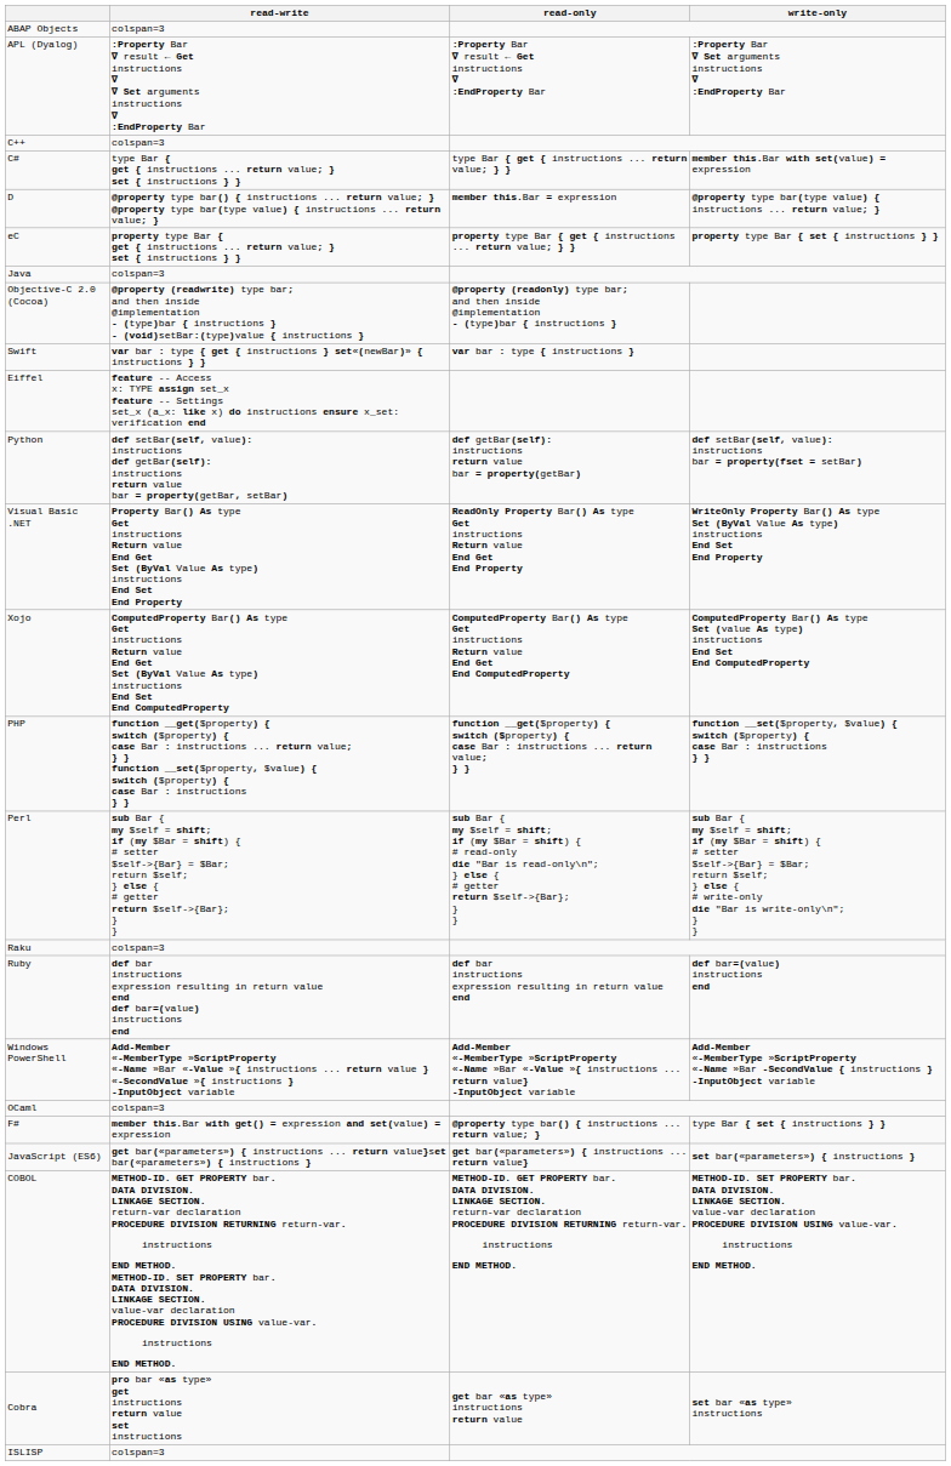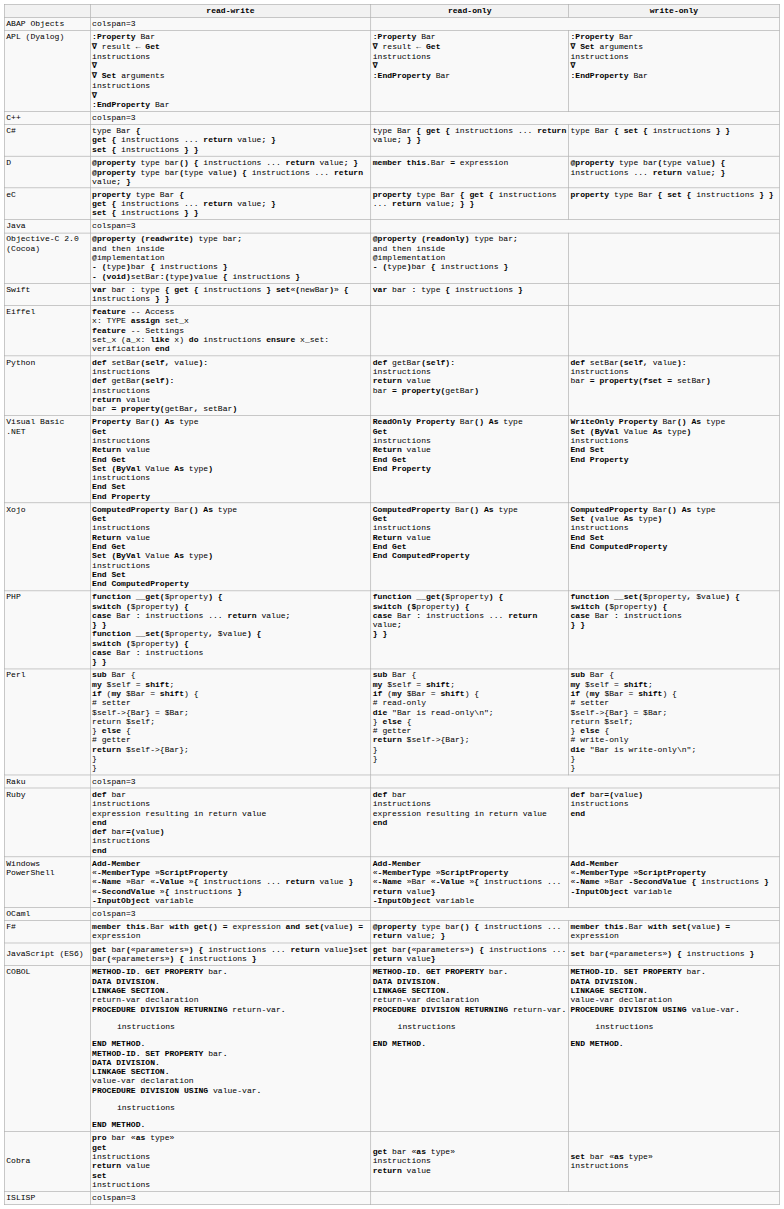 <table class="wikitable">
 <tr valign="top">
 <th></th>
 <th>read-write</th>
 <th>read-only</th>
 <th>write-only</th>
 </tr>
 <tr valign="top">
 <td>ABAP Objects</td>
 <td>colspan=3 </td>
 </tr>
 <tr valign="top">
 <td>APL (Dyalog)</td>
 <td><code><strong>:Property</strong> Bar</code><br><code><strong>∇</strong> result <strong>← Get</strong></code><br><code>instructions</code><br><code><strong>∇</strong></code><br><code><strong>∇ Set</strong> arguments</code><br><code>instructions</code><br><code><strong>∇</strong></code><br><code><strong>:EndProperty</strong> Bar</code></td>
 <td><code><strong>:Property</strong> Bar</code><br><code><strong>∇</strong> result <strong>← Get</strong></code><br><code>instructions</code><br><code><strong>∇</strong></code><br><code><strong>:EndProperty</strong> Bar</code></td>
 <td><code><strong>:Property</strong> Bar</code><br><code><strong>∇ Set</strong> arguments</code><br><code>instructions</code><br><code><strong>∇</strong></code><br><code><strong>:EndProperty</strong> Bar</code></td>
 </tr>
 <tr valign="top">
 <td>C++</td>
 <td>colspan=3 </td>
 </tr>
 <tr valign="top">
 <td>C#</td>
 <td><code>type Bar <strong>{<br>  get { </strong>instructions ... <strong>return </strong>value<strong>;</strong> <strong>}<br>  set { </strong>instructions<strong> } }</strong></code></td>
 <td><code>type Bar <strong>{ get { </strong>instructions ... <strong>return </strong>value<strong>;</strong> <strong>} }</strong></code></td>
-<td><code><strong>member this.</strong>Bar <strong>with set(</strong>value<strong>) =</strong> expression</code></td>
+<td><code>type Bar <strong>{ set { </strong>instructions<strong> } }</strong></code></td>
 </tr>
 <tr valign="top">
 <td>D</td>
 <td><code><strong>@property</strong> type bar<strong>() { </strong>instructions ... <strong>return </strong>value<strong>;</strong> <strong>} <br> @property</strong> type bar<strong>(</strong>type value<strong>) { </strong>instructions ... <strong>return </strong>value<strong>;</strong> <strong>}</strong></code></td>
 <td><code><strong>member this.</strong>Bar <strong>=</strong> expression</code></td>
 <td><code><strong>@property</strong> type bar<strong>(</strong>type value<strong>) { </strong>instructions ... <strong>return </strong>value<strong>;</strong> <strong>}</strong></code></td>
 </tr>
 <tr valign="top">
 <td>eC</td>
 <td><code><strong>property</strong> type Bar <strong>{<br>  get { </strong>instructions ... <strong>return </strong>value<strong>;</strong> <strong>}<br>  set { </strong>instructions<strong> } }</strong></code></td>
 <td><code><strong>property</strong> type Bar <strong>{ get { </strong>instructions ... <strong>return </strong>value<strong>;</strong> <strong>} }</strong></code></td>
 <td><code><strong>property</strong> type Bar <strong>{ set { </strong>instructions<strong> } }</strong></code></td>
 </tr>
 <tr valign="top">
 <td>Java</td>
 <td>colspan=3 </td>
 </tr>
 <tr valign="top">
 <td>Objective-C 2.0 (Cocoa)</td>
 <td><code><strong>@property (readwrite)</strong> type bar<strong>;</strong> <br></code> and then inside <br><code>@implementation <br> <strong>- (</strong>type<strong>)</strong>bar<strong> { </strong>instructions<strong> }</strong> <br> <strong>- (void)</strong>setBar<strong>:(</strong>type<strong>)</strong>value<strong> { </strong>instructions<strong> }</strong></code></td>
 <td><code><strong>@property (readonly)</strong> type bar<strong>;</strong> <br></code> and then inside <br><code>@implementation <br> <strong>- (</strong>type<strong>)</strong>bar<strong> { </strong>instructions<strong> }</strong></code></td>
 <td></td>
 </tr>
 <tr valign="top">
 <td>Swift</td>
 <td><code><strong>var</strong> bar <strong>:</strong> type <strong>{ get { </strong>instructions<strong> } set</strong>«<strong>(</strong>newBar<strong>)</strong>»<strong> { </strong>instructions<strong> } }</strong></code></td>
 <td><code><strong>var</strong> bar <strong>:</strong> type <strong>{ </strong>instructions<strong> }</strong></code></td>
 <td></td>
 </tr>
 <tr valign="top">
 <td>Eiffel</td>
 <td><code><strong>feature</strong> -- Access <br>x: TYPE <strong>assign</strong> set_x<br> <strong>feature</strong> -- Settings <br> set_x (a_x: <strong>like</strong> x) <strong>do</strong> instructions <strong>ensure</strong> x_set: verification <strong>end</strong></code></td>
 <td></td>
 <td></td>
 </tr>
 <tr valign="top">
 <td>Python</td>
 <td><code><strong>def</strong> setBar<strong>(self, </strong>value<strong>):</strong> <br> instructions<strong><br>def</strong> getBar<strong>(self):<br> </strong>instructions<br> <strong>return</strong> value<br>bar<strong> = property(</strong>getBar<strong>,</strong> setBar<strong>)</strong></code></td>
 <td><code><strong>def</strong> getBar<strong>(self):</strong> <br> instructions<br> <strong>return</strong> value<br>bar<strong> = property(</strong>getBar<strong>)</strong></code></td>
 <td><code><strong>def</strong> setBar<strong>(self, </strong>value<strong>): </strong><br> instructions<br>bar<strong> = property(fset = </strong>setBar<strong>)</strong></code></td>
 </tr>
 <tr valign="top">
 <td>Visual Basic .NET</td>
 <td><code><strong>Property </strong>Bar<strong>() As </strong>type<br><strong>Get<br></strong>instructions<br><strong>Return</strong> value<br><strong>End Get<br>Set (ByVal </strong>Value<strong> As </strong>type<strong>)</strong><br>instructions<strong><br>End Set<br>End Property</strong></code></td>
 <td><code><strong>ReadOnly Property </strong>Bar<strong>() As </strong>type<br><strong>Get<br></strong>instructions<br><strong>Return</strong> value<br><strong>End Get<br>End Property</strong></code></td>
 <td><code><strong>WriteOnly Property </strong>Bar<strong>() As </strong>type<br><strong>Set (ByVal </strong>Value<strong> As </strong>type<strong>)</strong><br>instructions<br><strong>End Set<br>End Property</strong></code></td>
 </tr>
 <tr valign="top">
 <td>Xojo</td>
 <td><code><strong>ComputedProperty </strong>Bar<strong>() As </strong>type<br><strong>Get<br></strong>instructions<br><strong>Return</strong> value<br><strong>End Get<br>Set (ByVal </strong>Value<strong> As </strong>type<strong>)</strong><br>instructions<strong><br>End Set<br>End ComputedProperty</strong></code></td>
 <td><code><strong>ComputedProperty </strong>Bar<strong>() As </strong>type<br><strong>Get<br></strong>instructions<br><strong>Return</strong> value<br><strong>End Get<br>End ComputedProperty</strong></code></td>
 <td><code><strong>ComputedProperty </strong>Bar<strong>() As </strong>type<br><strong>Set (</strong>value<strong> As </strong>type<strong>)</strong><br>instructions<br><strong>End Set<br>End ComputedProperty</strong></code></td>
 </tr>
 <tr valign="top">
 <td>PHP</td>
 <td><code><strong>function __get(</strong>$property<strong>) {<br> switch (</strong>$property<strong>) {<br> case </strong>Bar<strong> : </strong>instructions ... <strong>return</strong> value<strong>;<br> } }<br>function __set(</strong>$property<strong>, </strong>$value<strong>) {<br> switch (</strong>$property<strong>) {<br> case </strong>Bar<strong> : </strong>instructions<strong><br> } }</strong></code></td>
 <td><code><strong>function __get(</strong>$property<strong>) {<br> switch ($</strong>property<strong>) {<br> case </strong>Bar<strong> : </strong>instructions ... <strong>return</strong> value<strong>;<br> } }</strong></code></td>
 <td><code><strong>function __set(</strong>$property<strong>, </strong>$value<strong>) {<br> switch (</strong>$property<strong>) {<br> case </strong>Bar<strong> : </strong>instructions<strong><br> } }</strong></code></td>
 </tr>
 <tr valign="top">
 <td>Perl</td>
 <td><code><strong>sub</strong> Bar {<br>   <strong>my</strong> $self = <strong>shift</strong>;<br>   <strong>if</strong> (<strong>my</strong> $Bar = <strong>shift</strong>) {<br>        # setter<br>        $self->{Bar} = $Bar;<br>        return $self;<br>  } <strong>else</strong> {<br>        # getter<br>        <strong>return</strong> $self->{Bar};    <br>   }<br>}</code></td>
 <td><code><strong>sub</strong> Bar {<br>   <strong>my</strong> $self = <strong>shift</strong>;<br>   <strong>if</strong> (<strong>my</strong> $Bar = <strong>shift</strong>) {<br>        # read-only<br>        <strong>die</strong> "Bar is read-only\n";<br>  } <strong>else</strong> {<br>        # getter<br>        <strong>return</strong> $self->{Bar};    <br>   }<br>}</code></td>
 <td><code><strong>sub</strong> Bar {<br>   <strong>my</strong> $self = <strong>shift</strong>;<br>   <strong>if</strong> (<strong>my</strong> $Bar = <strong>shift</strong>) {<br>        # setter<br>        $self->{Bar} = $Bar;<br>        return $self;<br>  } <strong>else</strong> {<br>        # write-only<br>        <strong>die</strong> "Bar is write-only\n";  <br>   }<br>}</code></td>
 </tr>
 <tr valign="top">
 <td>Raku</td>
 <td>colspan=3 </td>
 </tr>
 <tr valign="top">
 <td>Ruby</td>
 <td><code><strong>def </strong>bar <br> instructions <br> expression resulting in return value <br> <strong>end</strong> <br> <strong>def </strong>bar<strong>=(</strong>value<strong>)</strong> <br> instructions <br> <strong>end</strong></code></td>
 <td><code><strong>def </strong>bar <br> instructions <br> expression resulting in return value <br> <strong>end</strong></code></td>
 <td><code><strong>def </strong>bar<strong>=(</strong>value<strong>)</strong> <br> instructions <br> <strong>end</strong></code></td>
 </tr>
 <tr valign="top">
 <td>Windows PowerShell</td>
 <td><code><strong>Add-Member </strong><br>«<strong>-MemberType </strong>»<strong>ScriptProperty </strong><br>«<strong>-Name </strong>»Bar «<strong>-Value </strong>»<strong>{</strong> instructions ... <strong>return</strong> value<strong> }</strong> <br>«<strong>-SecondValue </strong>»<strong>{</strong> instructions <strong>}</strong> <br><strong>-InputObject </strong>variable</code></td>
 <td><code><strong>Add-Member </strong><br>«<strong>-MemberType </strong>»<strong>ScriptProperty </strong><br>«<strong>-Name </strong>»Bar «<strong>-Value </strong>»<strong>{</strong> instructions ... <strong>return</strong> value<strong>}</strong> <br><strong>-InputObject </strong>variable</code></td>
 <td><code><strong>Add-Member </strong><br>«<strong>-MemberType </strong>»<strong>ScriptProperty </strong><br>«<strong>-Name </strong>»Bar <strong>-SecondValue {</strong> instructions <strong>}</strong> <br><strong>-InputObject </strong>variable</code></td>
 </tr>
 <tr valign="top">
 <td>OCaml</td>
 <td>colspan=3 </td>
 </tr>
 <tr valign="top">
 <td>F#</td>
 <td><code><strong>member this.</strong>Bar <strong>with get() =</strong> expression <strong>and set(</strong>value<strong>) =</strong> expression</code></td>
 <td><code><strong>@property</strong> type bar<strong>() { </strong>instructions ... <strong>return </strong>value<strong>;</strong> <strong>}</strong></code></td>
-<td><code>type Bar <strong>{ set { </strong>instructions<strong> } }</strong></code></td>
+<td><code><strong>member this.</strong>Bar <strong>with set(</strong>value<strong>) =</strong> expression</code></td>
 </tr>
 <tr>
 <td>JavaScript (ES6)</td>
 <td><code><strong>get</strong> bar<strong>(</strong>«parameters»<strong>)</strong> <strong>{</strong> instructions ... <strong>return </strong>value<strong>}</strong>s<strong>et </strong>bar<strong>(</strong>«parameters»<strong>) { </strong>instructions <strong>} </strong></code></td>
 <td><strong><code>get</code></strong><code> bar<strong>(</strong>«parameters»<strong>)</strong> <strong>{</strong> instructions ... <strong>return </strong>value<strong>}</strong></code></td>
 <td><code><strong>set </strong>bar<strong>(</strong>«parameters»<strong>) { </strong>instructions <strong>}</strong></code></td>
 </tr>
 <tr valign="top">
 <td>COBOL</td>
 <td><code><strong>METHOD-ID. GET PROPERTY</strong> bar<strong>.</strong><br><strong>DATA DIVISION.</strong><br><strong>LINKAGE SECTION.</strong><br>return-var declaration<br><strong>PROCEDURE DIVISION RETURNING</strong> return-var<strong>.</strong></code><br><ul><code>instructions</code></ul> <code><strong>END METHOD.</strong><br><strong>METHOD-ID. SET PROPERTY</strong> bar<strong>.</strong><br><strong>DATA DIVISION.</strong><br><strong>LINKAGE SECTION.</strong><br>value-var declaration<br><strong>PROCEDURE DIVISION USING</strong> value-var<strong>.</strong></code> <ul><code>instructions</code></ul> <code><strong>END METHOD.</strong></code></td>
 <td><code><strong>METHOD-ID. GET PROPERTY</strong> bar<strong>.</strong><br><strong>DATA DIVISION.</strong><br><strong>LINKAGE SECTION.</strong><br>return-var declaration<br><strong>PROCEDURE DIVISION RETURNING</strong> return-var<strong>.</strong></code><br><ul><code>instructions</code></ul> <code><strong>END METHOD.</strong></code></td>
 <td><code><strong>METHOD-ID. SET PROPERTY</strong> bar<strong>.</strong><br><strong>DATA DIVISION.</strong><br><strong>LINKAGE SECTION.</strong><br>value-var declaration<br><strong>PROCEDURE DIVISION USING</strong> value-var<strong>.</strong></code><br><ul><code>instructions</code></ul> <code><strong>END METHOD.</strong></code></td>
 </tr>
 <tr>
 <td>Cobra</td>
 <td><code><strong>pro</strong> bar «<strong>as</strong> type»<br> <strong>get</strong><br> instructions<br> <strong>return</strong> value<br> <strong>set</strong><br> instructions</code></td>
 <td><code><strong>get</strong> bar «<strong>as</strong> type»<br> instructions<br> <strong>return</strong> value</code></td>
 <td><code><strong>set</strong> bar «<strong>as</strong> type»<br> instructions</code></td>
 </tr>
 <tr valign="top">
 <td>ISLISP</td>
 <td>colspan=3 </td>
 </tr>
 </table>
